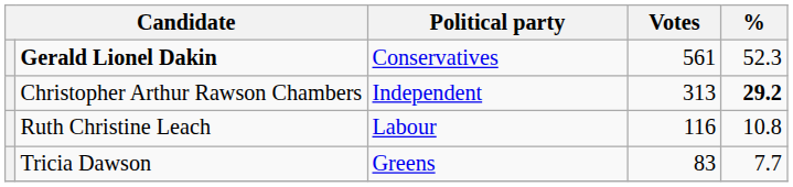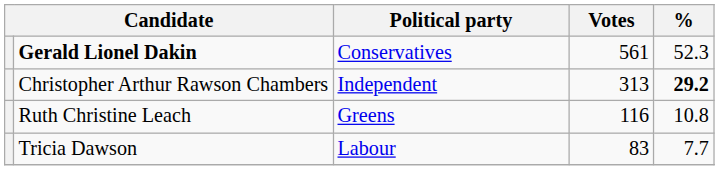 <table class="wikitable">
 <tr>
 <th valign=top colspan="2" style="width: 180px">Candidate</th>
 <th valign=top style="width: 180px">Political party</th>
 <th valign=top style="width: 60px">Votes</th>
 <th valign=top style="width: 40px">%</th>
 </tr>
 <tr>
 <th style="background-color: "></th>
 <td><strong>Gerald Lionel Dakin</strong></td>
 <td><a href='#'>Conservatives</a></td>
 <td align="right">561</td>
 <td align="right">52.3</td>
 </tr>
 <tr>
 <th style="background-color: "></th>
 <td>Christopher Arthur Rawson Chambers</td>
 <td><a href='#'>Independent</a></td>
 <td align="right">313</td>
 <td align="right"><strong>29.2</strong></td>
 </tr>
 <tr>
 <th style="background-color: "></th>
 <td>Ruth Christine Leach</td>
-<td><a href='#'>Labour</a></td>
+<td><a href='#'>Greens</a></td>
 <td align="right">116</td>
 <td align="right">10.8</td>
 </tr>
 <tr>
 <th style="background-color: "></th>
 <td>Tricia Dawson</td>
-<td><a href='#'>Greens</a></td>
+<td><a href='#'>Labour</a></td>
 <td align="right">83</td>
 <td align="right">7.7</td>
 </tr>
 <tr>
 </tr>
 </table>
